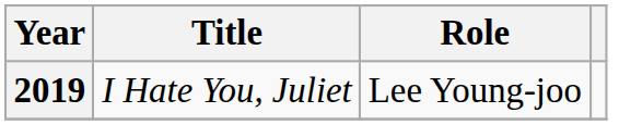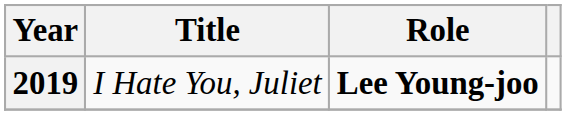 <table class="wikitable sortable plainrowheaders">
 <tr>
 <th scope="col">Year</th>
 <th scope="col">Title</th>
 <th scope="col">Role</th>
 <th scope="col" class="unsortable"></th>
 </tr>
 <tr>
 <th scope="row">2019</th>
 <td><em>I Hate You, Juliet</em></td>
-<td>Lee Young-joo</td>
+<td><strong>Lee Young-joo</strong></td>
 <td></td>
 </tr>
 <tr>
 </tr>
 </table>
